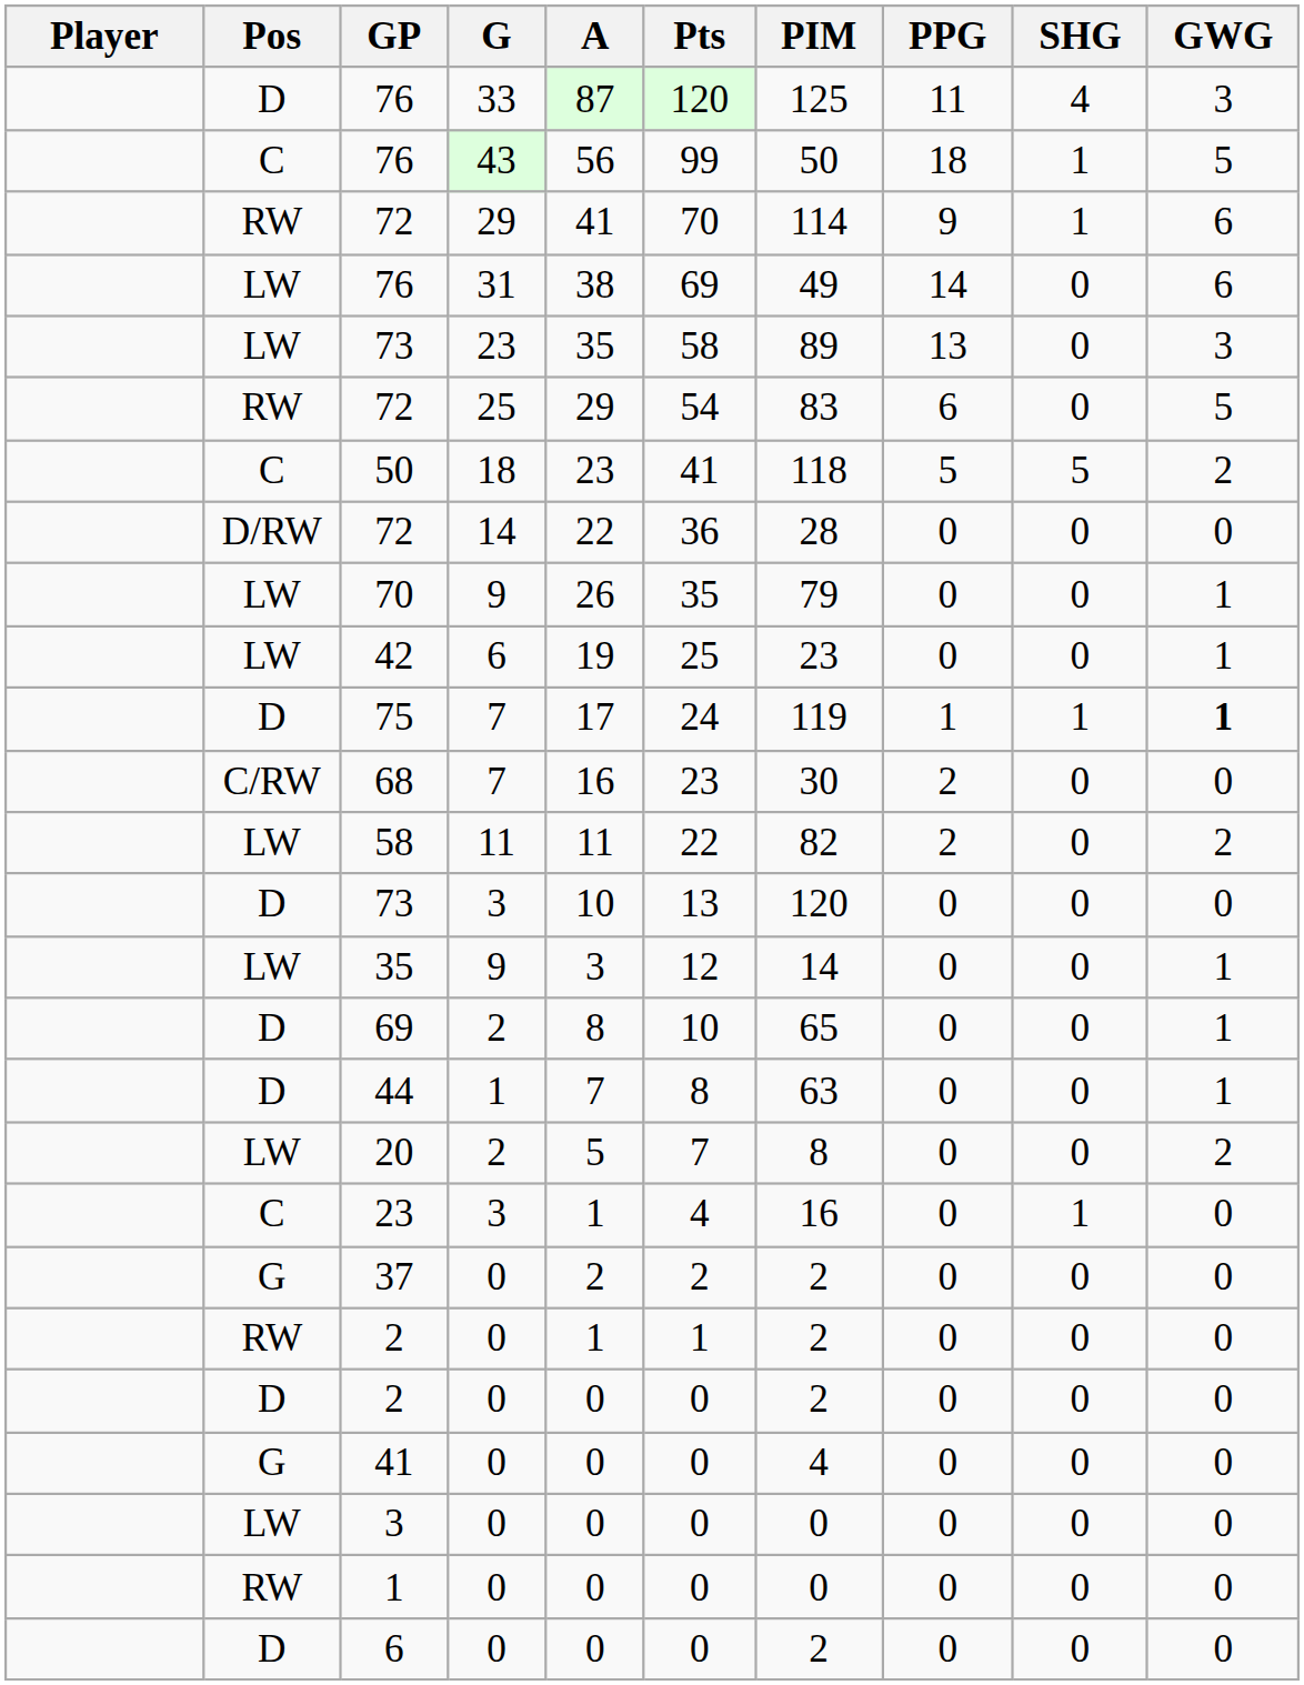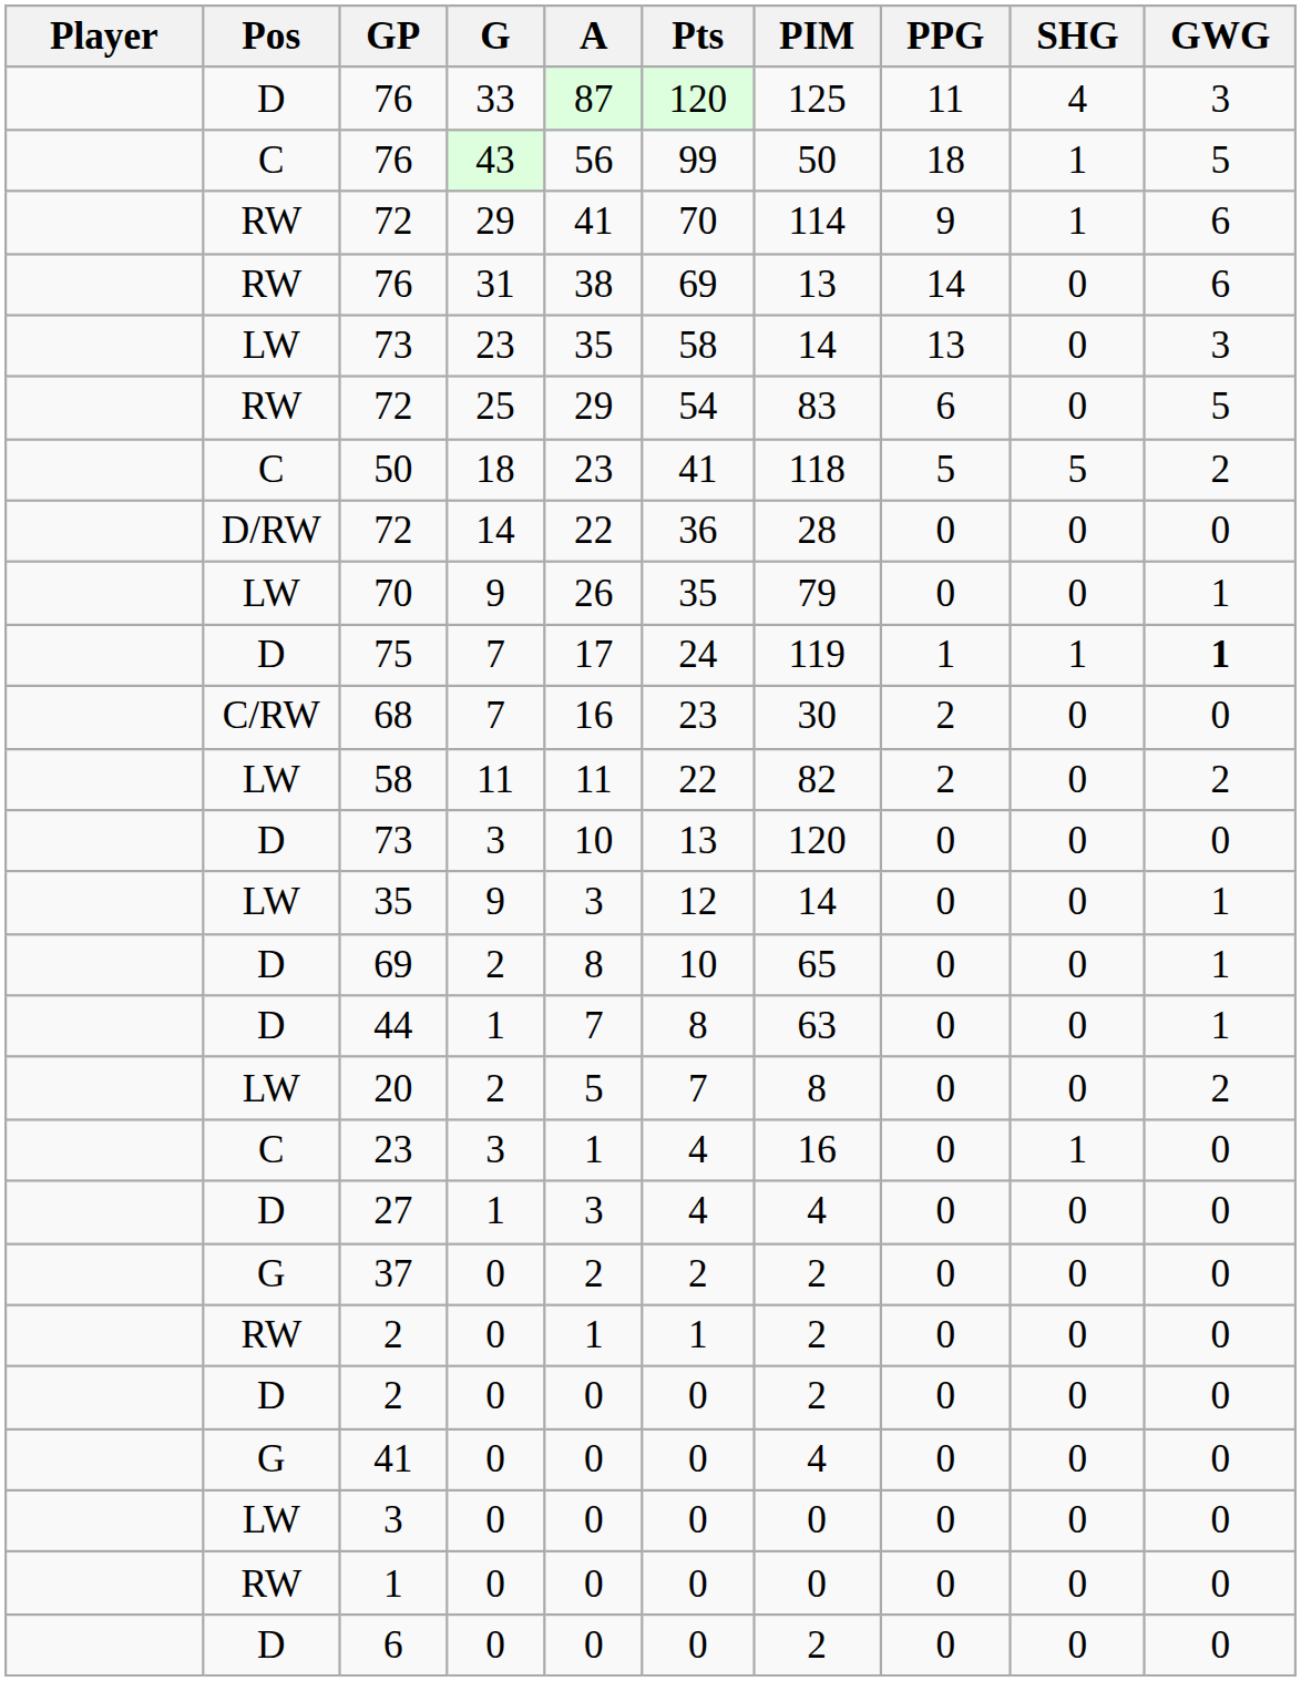 <table class="wikitable sortable" width="60%">
 <tr ALIGN="center">
 <th bgcolor="#DDDDFF" width="10%">Player</th>
 <th bgcolor="#DDDDFF" width="3%" title="Position">Pos</th>
 <th bgcolor="#DDDDFF" width="5%" title="Games played">GP</th>
 <th bgcolor="#DDDDFF" width="5%" title="Goals">G</th>
 <th bgcolor="#DDDDFF" width="5%" title="Assists">A</th>
 <th bgcolor="#DDDDFF" width="5%" title="Points">Pts</th>
 <th bgcolor="#DDDDFF" width="5%" title="Penalties in Minutes">PIM</th>
 <th bgcolor="#DDDDFF" width="5%" title="Power play goals">PPG</th>
 <th bgcolor="#DDDDFF" width="5%" title="Short-handed goals">SHG</th>
 <th bgcolor="#DDDDFF" width="5%" title="Game-winning goals">GWG</th>
 </tr>
 <tr align="center">
 <td align="right"></td>
 <td>D</td>
 <td>76</td>
 <td>33</td>
 <td style="background:#DDFFDD;">87</td>
 <td style="background:#DDFFDD;">120</td>
 <td>125</td>
 <td>11</td>
 <td>4</td>
 <td>3</td>
 </tr>
 <tr align="center">
 <td align="right"></td>
 <td>C</td>
 <td>76</td>
 <td style="background:#DDFFDD;">43</td>
 <td>56</td>
 <td>99</td>
 <td>50</td>
 <td>18</td>
 <td>1</td>
 <td>5</td>
 </tr>
 <tr align="center">
 <td align="right"></td>
 <td>RW</td>
 <td>72</td>
 <td>29</td>
 <td>41</td>
 <td>70</td>
 <td>114</td>
 <td>9</td>
 <td>1</td>
 <td>6</td>
 </tr>
 <tr align="center">
 <td align="right"></td>
-<td>LW</td>
+<td>RW</td>
 <td>76</td>
 <td>31</td>
 <td>38</td>
 <td>69</td>
-<td>49</td>
+<td>13</td>
 <td>14</td>
 <td>0</td>
 <td>6</td>
 </tr>
 <tr align="center">
 <td align="right"></td>
 <td>LW</td>
 <td>73</td>
 <td>23</td>
 <td>35</td>
 <td>58</td>
-<td>89</td>
+<td>14</td>
 <td>13</td>
 <td>0</td>
 <td>3</td>
 </tr>
 <tr align="center">
 <td align="right"></td>
 <td>RW</td>
 <td>72</td>
 <td>25</td>
 <td>29</td>
 <td>54</td>
 <td>83</td>
 <td>6</td>
 <td>0</td>
 <td>5</td>
 </tr>
 <tr align="center">
 <td align="right"></td>
 <td>C</td>
 <td>50</td>
 <td>18</td>
 <td>23</td>
 <td>41</td>
 <td>118</td>
 <td>5</td>
 <td>5</td>
 <td>2</td>
 </tr>
 <tr align="center">
 <td align="right"></td>
 <td>D/RW</td>
 <td>72</td>
 <td>14</td>
 <td>22</td>
 <td>36</td>
 <td>28</td>
 <td>0</td>
 <td>0</td>
 <td>0</td>
 </tr>
 <tr align="center">
 <td align="right"></td>
 <td>LW</td>
 <td>70</td>
 <td>9</td>
 <td>26</td>
 <td>35</td>
 <td>79</td>
-<td>0</td>
-<td>0</td>
-<td>1</td>
-</tr>
-<tr align="center">
-<td align="right"></td>
-<td>LW</td>
-<td>42</td>
-<td>6</td>
-<td>19</td>
-<td>25</td>
-<td>23</td>
 <td>0</td>
 <td>0</td>
 <td>1</td>
 </tr>
 <tr align="center">
 <td align="right"></td>
 <td>D</td>
 <td>75</td>
 <td>7</td>
 <td>17</td>
 <td>24</td>
 <td>119</td>
 <td>1</td>
 <td>1</td>
 <td><strong>1</strong></td>
 </tr>
 <tr align="center">
 <td align="right"></td>
 <td>C/RW</td>
 <td>68</td>
 <td>7</td>
 <td>16</td>
 <td>23</td>
 <td>30</td>
 <td>2</td>
 <td>0</td>
 <td>0</td>
 </tr>
 <tr align="center">
 <td align="right"></td>
 <td>LW</td>
 <td>58</td>
 <td>11</td>
 <td>11</td>
 <td>22</td>
 <td>82</td>
 <td>2</td>
 <td>0</td>
 <td>2</td>
 </tr>
 <tr align="center">
 <td align="right"></td>
 <td>D</td>
 <td>73</td>
 <td>3</td>
 <td>10</td>
 <td>13</td>
 <td>120</td>
 <td>0</td>
 <td>0</td>
 <td>0</td>
 </tr>
 <tr align="center">
 <td align="right"></td>
 <td>LW</td>
 <td>35</td>
 <td>9</td>
 <td>3</td>
 <td>12</td>
 <td>14</td>
 <td>0</td>
 <td>0</td>
 <td>1</td>
 </tr>
 <tr align="center">
 <td align="right"></td>
 <td>D</td>
 <td>69</td>
 <td>2</td>
 <td>8</td>
 <td>10</td>
 <td>65</td>
 <td>0</td>
 <td>0</td>
 <td>1</td>
 </tr>
 <tr align="center">
 <td align="right"></td>
 <td>D</td>
 <td>44</td>
 <td>1</td>
 <td>7</td>
 <td>8</td>
 <td>63</td>
 <td>0</td>
 <td>0</td>
 <td>1</td>
 </tr>
 <tr align="center">
 <td align="right"></td>
 <td>LW</td>
 <td>20</td>
 <td>2</td>
 <td>5</td>
 <td>7</td>
 <td>8</td>
 <td>0</td>
 <td>0</td>
 <td>2</td>
 </tr>
 <tr align="center">
 <td align="right"></td>
 <td>C</td>
 <td>23</td>
 <td>3</td>
 <td>1</td>
 <td>4</td>
 <td>16</td>
 <td>0</td>
 <td>1</td>
 <td>0</td>
 </tr>
 <tr align="center">
 <td align="right"></td>
+<td>D</td>
+<td>27</td>
+<td>1</td>
+<td>3</td>
+<td>4</td>
+<td>4</td>
+<td>0</td>
+<td>0</td>
+<td>0</td>
+</tr>
+<tr align="center">
+<td align="right"></td>
 <td>G</td>
 <td>37</td>
 <td>0</td>
 <td>2</td>
 <td>2</td>
 <td>2</td>
 <td>0</td>
 <td>0</td>
 <td>0</td>
 </tr>
 <tr align="center">
 <td align="right"></td>
 <td>RW</td>
 <td>2</td>
 <td>0</td>
 <td>1</td>
 <td>1</td>
 <td>2</td>
 <td>0</td>
 <td>0</td>
 <td>0</td>
 </tr>
 <tr align="center">
 <td align="right"></td>
 <td>D</td>
 <td>2</td>
 <td>0</td>
 <td>0</td>
 <td>0</td>
 <td>2</td>
 <td>0</td>
 <td>0</td>
 <td>0</td>
 </tr>
 <tr align="center">
 <td align="right"></td>
 <td>G</td>
 <td>41</td>
 <td>0</td>
 <td>0</td>
 <td>0</td>
 <td>4</td>
 <td>0</td>
 <td>0</td>
 <td>0</td>
 </tr>
 <tr align="center">
 <td align="right"></td>
 <td>LW</td>
 <td>3</td>
 <td>0</td>
 <td>0</td>
 <td>0</td>
 <td>0</td>
 <td>0</td>
 <td>0</td>
 <td>0</td>
 </tr>
 <tr align="center">
 <td align="right"></td>
 <td>RW</td>
 <td>1</td>
 <td>0</td>
 <td>0</td>
 <td>0</td>
 <td>0</td>
 <td>0</td>
 <td>0</td>
 <td>0</td>
 </tr>
 <tr align="center">
 <td align="right"></td>
 <td>D</td>
 <td>6</td>
 <td>0</td>
 <td>0</td>
 <td>0</td>
 <td>2</td>
 <td>0</td>
 <td>0</td>
 <td>0</td>
 </tr>
 </table>
